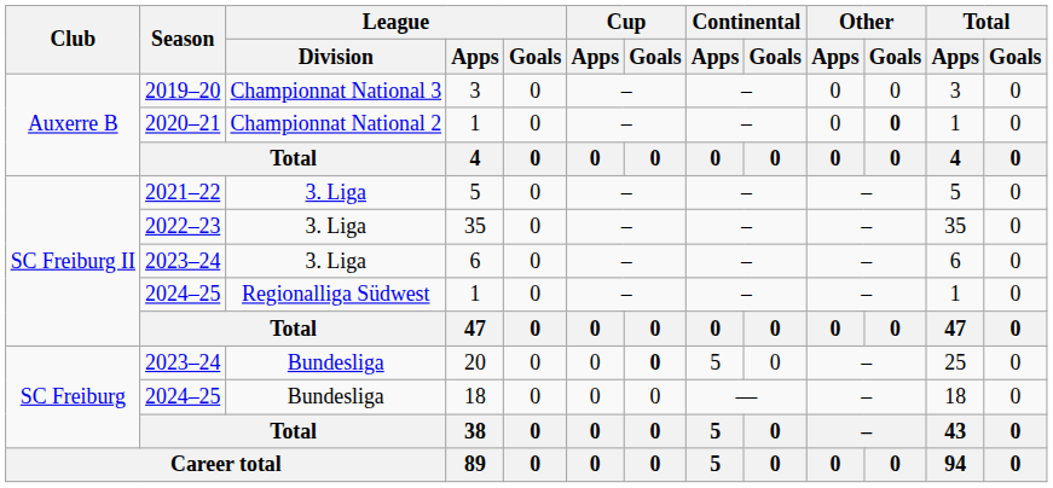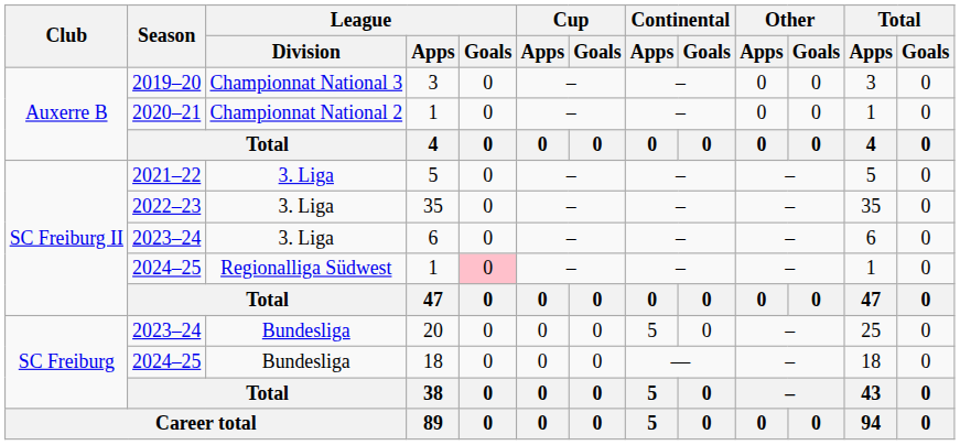 <table class="wikitable" style="text-align:center">
 <tr>
 <th rowspan="2">Club</th>
 <th rowspan="2">Season</th>
 <th colspan="3">League</th>
 <th colspan="2">Cup</th>
 <th colspan="2">Continental</th>
 <th colspan="2">Other</th>
 <th colspan="2">Total</th>
 </tr>
 <tr>
 <th>Division</th>
 <th>Apps</th>
 <th>Goals</th>
 <th>Apps</th>
 <th>Goals</th>
 <th>Apps</th>
 <th>Goals</th>
 <th>Apps</th>
 <th>Goals</th>
 <th>Apps</th>
 <th>Goals</th>
 </tr>
 <tr>
 <td rowspan="3"><a href='#'>Auxerre B</a></td>
 <td><a href='#'>2019–20</a></td>
 <td><a href='#'>Championnat National 3</a></td>
 <td>3</td>
 <td>0</td>
 <td colspan="2">–</td>
 <td colspan="2">–</td>
 <td>0</td>
 <td>0</td>
 <td>3</td>
 <td>0</td>
 </tr>
 <tr>
 <td><a href='#'>2020–21</a></td>
 <td><a href='#'>Championnat National 2</a></td>
 <td>1</td>
 <td>0</td>
 <td colspan="2">–</td>
 <td colspan="2">–</td>
 <td>0</td>
-<td><strong>0</strong></td>
+<td>0</td>
 <td>1</td>
 <td>0</td>
 </tr>
 <tr>
 <th colspan="2">Total</th>
 <th>4</th>
 <th>0</th>
 <th>0</th>
 <th>0</th>
 <th>0</th>
 <th>0</th>
 <th>0</th>
 <th>0</th>
 <th>4</th>
 <th>0</th>
 </tr>
 <tr>
 <td rowspan="5"><a href='#'>SC Freiburg II</a></td>
 <td><a href='#'>2021–22</a></td>
 <td><a href='#'>3. Liga</a></td>
 <td>5</td>
 <td>0</td>
 <td colspan="2">–</td>
 <td colspan="2">–</td>
 <td colspan="2">–</td>
 <td>5</td>
 <td>0</td>
 </tr>
 <tr>
 <td><a href='#'>2022–23</a></td>
 <td>3. Liga</td>
 <td>35</td>
 <td>0</td>
 <td colspan="2">–</td>
 <td colspan="2">–</td>
 <td colspan="2">–</td>
 <td>35</td>
 <td>0</td>
 </tr>
 <tr>
 <td><a href='#'>2023–24</a></td>
 <td>3. Liga</td>
 <td>6</td>
 <td>0</td>
 <td colspan="2">–</td>
 <td colspan="2">–</td>
 <td colspan="2">–</td>
 <td>6</td>
 <td>0</td>
 </tr>
 <tr>
 <td><a href='#'>2024–25</a></td>
 <td><a href='#'>Regionalliga Südwest</a></td>
 <td>1</td>
-<td>0</td>
+<td style="background: pink;">0</td>
 <td colspan="2">–</td>
 <td colspan="2">–</td>
 <td colspan="2">–</td>
 <td>1</td>
 <td>0</td>
 </tr>
 <tr>
 <th colspan="2">Total</th>
 <th>47</th>
 <th>0</th>
 <th>0</th>
 <th>0</th>
 <th>0</th>
 <th>0</th>
 <th>0</th>
 <th>0</th>
 <th>47</th>
 <th>0</th>
 </tr>
 <tr>
 <td rowspan="3"><a href='#'>SC Freiburg</a></td>
 <td><a href='#'>2023–24</a></td>
 <td><a href='#'>Bundesliga</a></td>
 <td>20</td>
 <td>0</td>
 <td>0</td>
-<td><strong>0</strong></td>
+<td>0</td>
 <td>5</td>
 <td>0</td>
 <td colspan="2">–</td>
 <td>25</td>
 <td>0</td>
 </tr>
 <tr>
 <td><a href='#'>2024–25</a></td>
 <td>Bundesliga</td>
 <td>18</td>
 <td>0</td>
 <td>0</td>
 <td>0</td>
 <td colspan="2">—</td>
 <td colspan="2">–</td>
 <td>18</td>
 <td>0</td>
 </tr>
 <tr>
 <th colspan="2">Total</th>
 <th>38</th>
 <th>0</th>
 <th>0</th>
 <th>0</th>
 <th>5</th>
 <th>0</th>
 <th colspan="2">–</th>
 <th>43</th>
 <th>0</th>
 </tr>
 <tr>
 <th colspan="3">Career total</th>
 <th>89</th>
 <th>0</th>
 <th>0</th>
 <th>0</th>
 <th>5</th>
 <th>0</th>
 <th>0</th>
 <th>0</th>
 <th>94</th>
 <th>0</th>
 </tr>
 </table>
